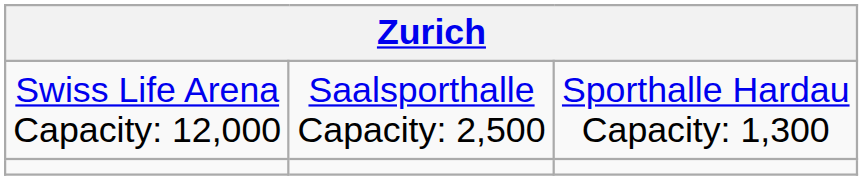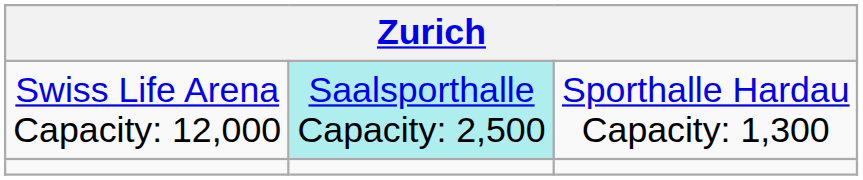 <table class="wikitable" style="text-align:center;">
 <tr>
 <th colspan=3><a href='#'>Zurich</a></th>
 </tr>
 <tr>
 <td><a href='#'>Swiss Life Arena</a><br>Capacity: 12,000</td>
-<td><a href='#'>Saalsporthalle</a><br>Capacity: 2,500</td>
+<td style="background: paleturquoise;"><a href='#'>Saalsporthalle</a><br>Capacity: 2,500</td>
 <td><a href='#'>Sporthalle Hardau</a><br>Capacity: 1,300</td>
 </tr>
 <tr>
 <td></td>
 <td></td>
 <td></td>
 </tr>
 </table>
